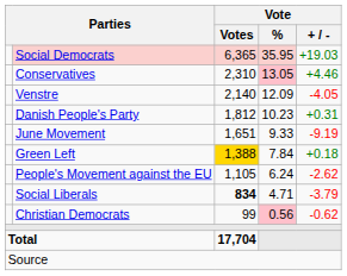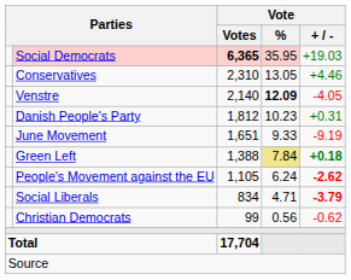 <table class="wikitable" style="text-align:right;">
 <tr>
 <th style="text-align:centre;" rowspan="2" colspan="2" width="225">Parties</th>
 <th colspan="3">Vote</th>
 </tr>
 <tr>
 <th width="15">Votes</th>
 <th width="15">%</th>
 <th width="15">+ / -</th>
 </tr>
 <tr>
 <td width="2" style="color:inherit;background:"></td>
 <td bgcolor=#fbd0ce   align="left"><a href='#'>Social Democrats</a></td>
-<td bgcolor=#fbd0ce>6,365</td>
+<td bgcolor=#fbd0ce><strong>6,365</strong></td>
 <td bgcolor=#fbd0ce>35.95</td>
 <td style=color:green;>+19.03</td>
 </tr>
 <tr>
 <td width="2" style="color:inherit;background:"></td>
 <td align="left"><a href='#'>Conservatives</a></td>
 <td>2,310</td>
-<td style="background: pink;">13.05</td>
+<td>13.05</td>
 <td style=color:green;>+4.46</td>
 </tr>
 <tr>
 <td width="2" style="color:inherit;background:"></td>
 <td align="left"><a href='#'>Venstre</a></td>
 <td>2,140</td>
-<td>12.09</td>
+<td><strong>12.09</strong></td>
 <td style=color:red;>-4.05</td>
 </tr>
 <tr>
 <td width="2" style="color:inherit;background:"></td>
 <td align="left"><a href='#'>Danish People's Party</a></td>
 <td>1,812</td>
 <td>10.23</td>
 <td style=color:green;>+0.31</td>
 </tr>
 <tr>
 <td width="2" style="color:inherit;background:"></td>
 <td align="left"><a href='#'>June Movement</a></td>
 <td>1,651</td>
 <td>9.33</td>
 <td style=color:red;>-9.19</td>
 </tr>
 <tr>
 <td width="2" style="color:inherit;background:"></td>
 <td align="left"><a href='#'>Green Left</a></td>
-<td style="background: gold;">1,388</td>
-<td>7.84</td>
-<td style=color:green;>+0.18</td>
+<td>1,388</td>
+<td style="background: khaki;">7.84</td>
+<td style=color:green;><strong>+0.18</strong></td>
 </tr>
 <tr>
 <td width="2" style="color:inherit;background:"></td>
 <td align="left"><a href='#'>People's Movement against the EU</a></td>
 <td>1,105</td>
 <td>6.24</td>
-<td style=color:red;>-2.62</td>
+<td style=color:red;><strong>-2.62</strong></td>
 </tr>
 <tr>
 <td width="2" style="color:inherit;background:"></td>
 <td align="left"><a href='#'>Social Liberals</a></td>
-<td><strong>834</strong></td>
+<td>834</td>
 <td>4.71</td>
-<td style=color:red;>-3.79</td>
+<td style=color:red;><strong>-3.79</strong></td>
 </tr>
 <tr>
 <td width="2" style="color:inherit;background:"></td>
 <td align="left"><a href='#'>Christian Democrats</a></td>
 <td>99</td>
-<td style="background: pink;">0.56</td>
+<td>0.56</td>
 <td style=color:red;>-0.62</td>
 </tr>
 <tr>
 <td colspan="7" bgcolor="#E9E9E9"></td>
 </tr>
 <tr>
 <td align="left" colspan="2"><strong>Total</strong></td>
 <td><strong>17,704</strong></td>
 <td bgcolor="#E9E9E9" colspan="2"></td>
 </tr>
 <tr>
 <td align="left" colspan="6">Source</td>
 </tr>
 </table>
